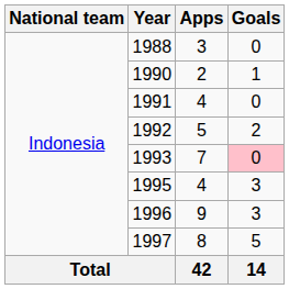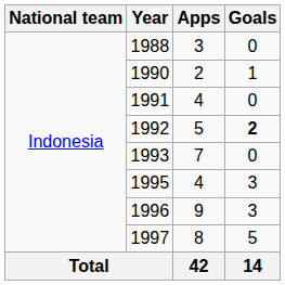 <table class="wikitable" style="text-align:center">
 <tr>
 <th>National team</th>
 <th>Year</th>
 <th>Apps</th>
 <th>Goals</th>
 </tr>
 <tr>
 <td rowspan="8"><a href='#'>Indonesia</a></td>
 <td>1988</td>
 <td>3</td>
 <td>0</td>
 </tr>
 <tr>
 <td>1990</td>
 <td>2</td>
 <td>1</td>
 </tr>
 <tr>
 <td>1991</td>
 <td>4</td>
 <td>0</td>
 </tr>
 <tr>
 <td>1992</td>
 <td>5</td>
-<td>2</td>
+<td><strong>2</strong></td>
 </tr>
 <tr>
 <td>1993</td>
 <td>7</td>
-<td style="background: pink;">0</td>
+<td>0</td>
 </tr>
 <tr>
 <td>1995</td>
 <td>4</td>
 <td>3</td>
 </tr>
 <tr>
 <td>1996</td>
 <td>9</td>
 <td>3</td>
 </tr>
 <tr>
 <td>1997</td>
 <td>8</td>
 <td>5</td>
 </tr>
 <tr>
 <th colspan="2">Total</th>
 <th>42</th>
 <th>14</th>
 </tr>
 </table>
